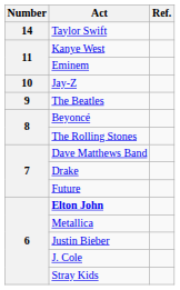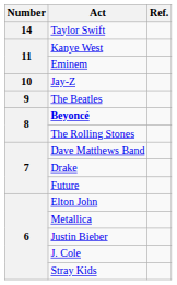 <table class="wikitable">
 <tr>
 <th scope="col">Number</th>
 <th scope="col">Act</th>
 <th scope="col">Ref.</th>
 </tr>
 <tr>
 <th scope="row">14</th>
 <td><a href='#'>Taylor Swift</a></td>
 <td></td>
 </tr>
 <tr>
 <th scope="row" rowspan="2">11</th>
 <td><a href='#'>Kanye West</a></td>
 <td></td>
 </tr>
 <tr>
 <td><a href='#'>Eminem</a></td>
 <td></td>
 </tr>
 <tr>
 <th scope="row">10</th>
 <td><a href='#'>Jay-Z</a></td>
 <td></td>
 </tr>
 <tr>
 <th scope="row">9</th>
 <td><a href='#'>The Beatles</a></td>
 <td></td>
 </tr>
 <tr>
 <th scope="row" rowspan="2">8</th>
-<td><a href='#'>Beyoncé</a></td>
+<td><strong><a href='#'>Beyoncé</a></strong></td>
 <td></td>
 </tr>
 <tr>
 <td><a href='#'>The Rolling Stones</a></td>
 <td></td>
 </tr>
 <tr>
 <th scope="row" rowspan="3">7</th>
 <td><a href='#'>Dave Matthews Band</a></td>
 <td></td>
 </tr>
 <tr>
 <td><a href='#'>Drake</a></td>
 <td></td>
 </tr>
 <tr>
 <td><a href='#'>Future</a></td>
 <td></td>
 </tr>
 <tr>
 <th rowspan="5" scope="row">6</th>
-<td><strong><a href='#'>Elton John</a></strong></td>
+<td><a href='#'>Elton John</a></td>
 <td></td>
 </tr>
 <tr>
 <td><a href='#'>Metallica</a></td>
 <td></td>
 </tr>
 <tr>
 <td><a href='#'>Justin Bieber</a></td>
 <td></td>
 </tr>
 <tr>
 <td><a href='#'>J. Cole</a></td>
 <td></td>
 </tr>
 <tr>
 <td><a href='#'>Stray Kids</a></td>
 <td></td>
 </tr>
 </table>
